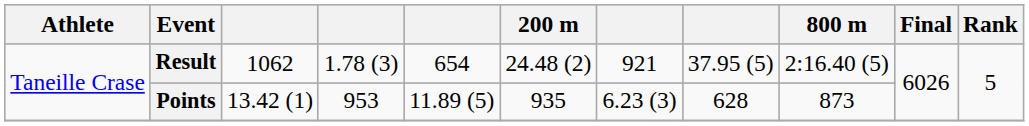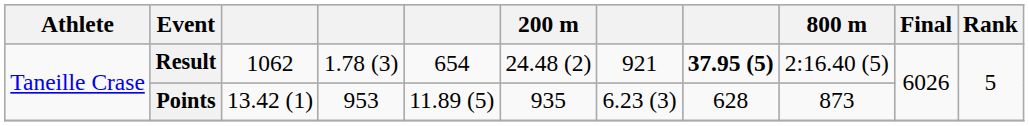 <table class=wikitable style=font-size:90%;text-align:center>
 <tr>
 <th>Athlete</th>
 <th>Event</th>
 <th></th>
 <th></th>
 <th></th>
 <th>200 m</th>
 <th></th>
 <th></th>
 <th>800 m</th>
 <th>Final</th>
 <th>Rank</th>
 </tr>
 <tr>
 <td align=left rowspan=2><a href='#'>Taneille Crase</a></td>
 <th style=font-size:95%>Result</th>
 <td>1062</td>
 <td>1.78 (3)</td>
 <td>654</td>
 <td>24.48 (2)</td>
 <td>921</td>
-<td>37.95 (5)</td>
+<td><strong>37.95 (5)</strong></td>
 <td>2:16.40 (5)</td>
 <td rowspan=2>6026</td>
 <td rowspan=2>5</td>
 </tr>
 <tr>
 <th style=font-size:95%>Points</th>
 <td>13.42 (1)</td>
 <td>953</td>
 <td>11.89 (5)</td>
 <td>935</td>
 <td>6.23 (3)</td>
 <td>628</td>
 <td>873</td>
 </tr>
 <tr>
 </tr>
 </table>
